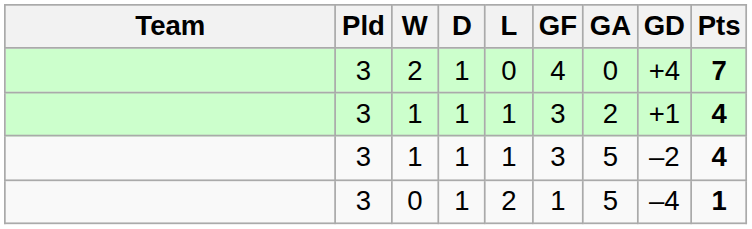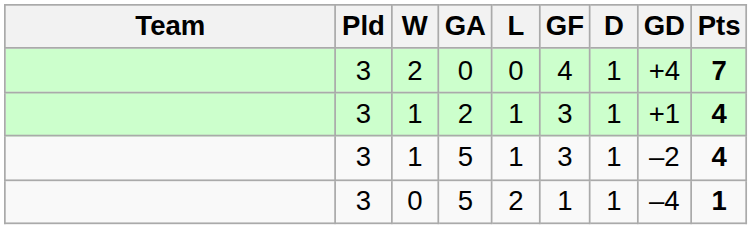 <table class="wikitable" style="text-align: center;">
 <tr>
 <th width="185">Team</th>
 <th width="20">Pld</th>
 <th width="20">W</th>
-<th width="20">D</th>
+<th width="20">GA</th>
 <th width="20">L</th>
 <th width="20">GF</th>
-<th width="20">GA</th>
+<th width="20">D</th>
 <th width="20">GD</th>
 <th width="20">Pts</th>
 </tr>
 <tr bgcolor=#ccffcc>
 <td align="left"></td>
 <td>3</td>
 <td>2</td>
-<td>1</td>
+<td>0</td>
 <td>0</td>
 <td>4</td>
-<td>0</td>
+<td>1</td>
 <td>+4</td>
 <td><strong>7</strong></td>
 </tr>
 <tr bgcolor=#ccffcc>
 <td align="left"></td>
 <td>3</td>
 <td>1</td>
-<td>1</td>
+<td>2</td>
 <td>1</td>
 <td>3</td>
-<td>2</td>
+<td>1</td>
 <td>+1</td>
 <td><strong>4</strong></td>
 </tr>
 <tr>
 <td align="left"></td>
 <td>3</td>
 <td>1</td>
-<td>1</td>
+<td>5</td>
 <td>1</td>
 <td>3</td>
-<td>5</td>
+<td>1</td>
 <td>–2</td>
 <td><strong>4</strong></td>
 </tr>
 <tr>
 <td align="left"></td>
 <td>3</td>
 <td>0</td>
-<td>1</td>
+<td>5</td>
 <td>2</td>
 <td>1</td>
-<td>5</td>
+<td>1</td>
 <td>–4</td>
 <td><strong>1</strong></td>
 </tr>
 </table>
